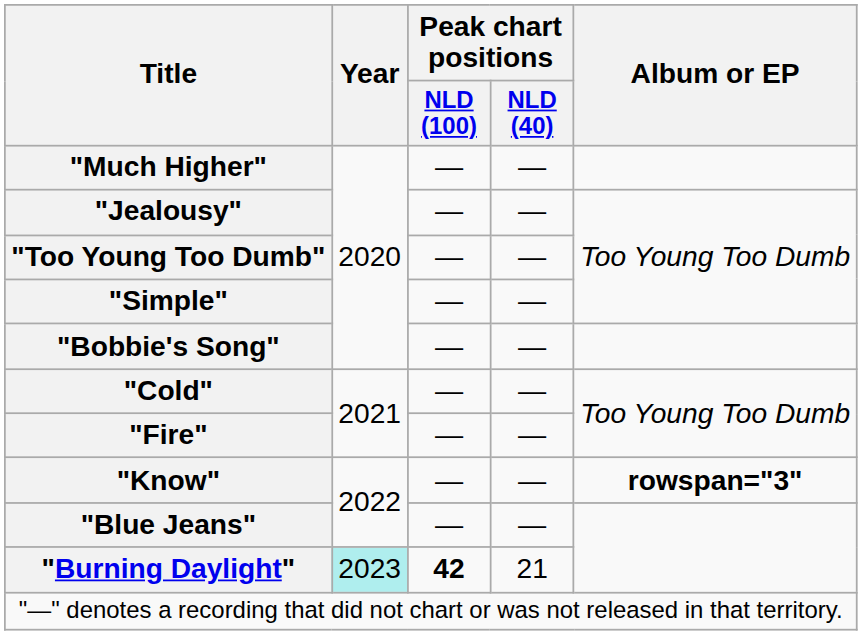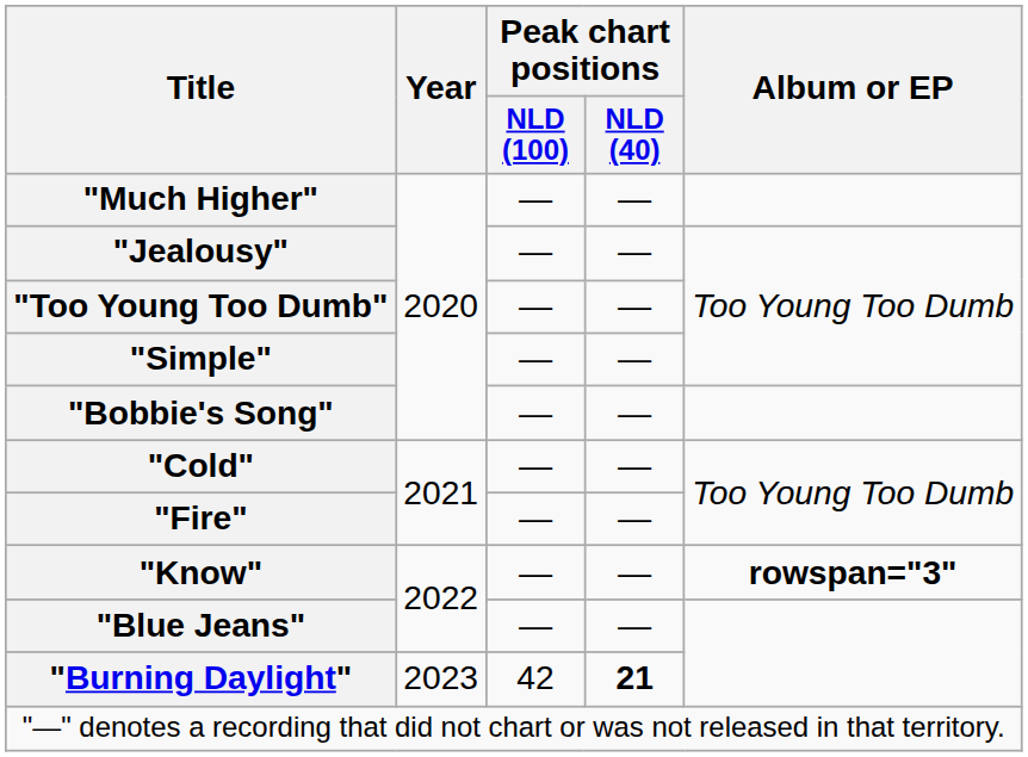 <table class="wikitable plainrowheaders" style="text-align:center;">
 <tr>
 <th scope="col" rowspan="2">Title</th>
 <th scope="col" rowspan="2">Year</th>
 <th scope="col" colspan="2">Peak chart positions</th>
 <th scope="col" rowspan="2">Album or EP</th>
 </tr>
 <tr>
 <th scope="col" style="width:3em;font-size:85%;"><a href='#'>NLD<br>(100)</a><br></th>
 <th scope="col" style="width:3em;font-size:85%;"><a href='#'>NLD<br>(40)</a><br></th>
 </tr>
 <tr>
 <th scope="row">"Much Higher"</th>
 <td rowspan="5">2020</td>
 <td>—</td>
 <td>—</td>
 <td></td>
 </tr>
 <tr>
 <th scope="row">"Jealousy"</th>
 <td>—</td>
 <td>—</td>
 <td rowspan="3"><em>Too Young Too Dumb</em></td>
 </tr>
 <tr>
 <th scope="row">"Too Young Too Dumb"</th>
 <td>—</td>
 <td>—</td>
 </tr>
 <tr>
 <th scope="row">"Simple"</th>
 <td>—</td>
 <td>—</td>
 </tr>
 <tr>
 <th scope="row">"Bobbie's Song"</th>
 <td>—</td>
 <td>—</td>
 <td></td>
 </tr>
 <tr>
 <th scope="row">"Cold"</th>
 <td rowspan="2">2021</td>
 <td>—</td>
 <td>—</td>
 <td rowspan="2"><em>Too Young Too Dumb</em></td>
 </tr>
 <tr>
 <th scope="row">"Fire"<br></th>
 <td>—</td>
 <td>—</td>
 </tr>
 <tr>
 <th scope="row">"Know"</th>
 <td rowspan="2">2022</td>
 <td>—</td>
 <td>—</td>
 <td><strong>rowspan="3" </strong></td>
 </tr>
 <tr>
 <th scope="row">"Blue Jeans"</th>
 <td>—</td>
 <td>—</td>
 </tr>
 <tr>
 <th scope="row">"<a href='#'>Burning Daylight</a>"<br></th>
-<td style="background: paleturquoise;">2023</td>
-<td><strong>42</strong></td>
-<td>21</td>
+<td>2023</td>
+<td>42</td>
+<td><strong>21</strong></td>
 </tr>
 <tr>
 <td colspan="5" style="font-size:85%">"—" denotes a recording that did not chart or was not released in that territory.</td>
 </tr>
 </table>
